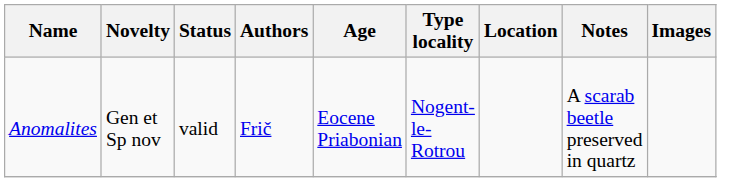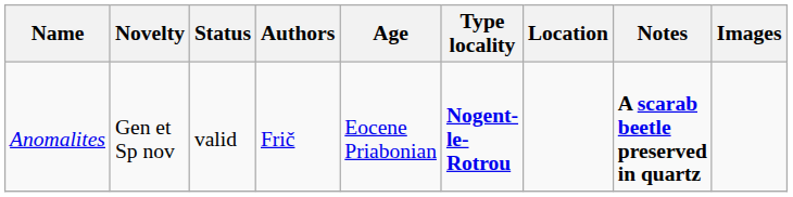 <table class="wikitable sortable" align="center" width="80%">
 <tr>
 <th>Name</th>
 <th>Novelty</th>
 <th>Status</th>
 <th>Authors</th>
 <th>Age</th>
 <th>Type locality</th>
 <th>Location</th>
 <th>Notes</th>
 <th>Images</th>
 </tr>
 <tr>
 <td><br><em><a href='#'>Anomalites</a></em></td>
 <td><br>Gen et Sp nov</td>
 <td><br>valid</td>
 <td><br><a href='#'>Frič</a></td>
 <td><br><a href='#'>Eocene</a><br><a href='#'>Priabonian</a></td>
-<td><br><a href='#'>Nogent-le-Rotrou</a></td>
+<td><strong><br><a href='#'>Nogent-le-Rotrou</a></strong></td>
 <td><br></td>
-<td><br>A <a href='#'>scarab beetle</a> preserved in quartz</td>
+<td><strong><br>A <a href='#'>scarab beetle</a> preserved in quartz</strong></td>
 <td><br></td>
 </tr>
 <tr>
 </tr>
 </table>
